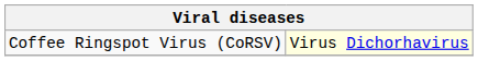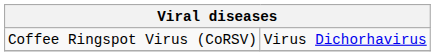 <table class="wikitable" style="clear">
 <tr>
 <th colspan=2><strong>Viral diseases</strong></th>
 </tr>
 <tr>
 <td>Coffee Ringspot Virus (CoRSV)</td>
-<td style="background: lightyellow;">Virus <a href='#'>Dichorhavirus</a></td>
+<td>Virus <a href='#'>Dichorhavirus</a></td>
 </tr>
 <tr>
 </tr>
 </table>
